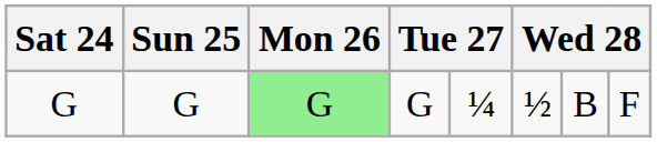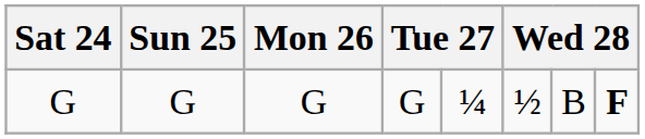 <table class="wikitable" style="margin:0.5em auto; font-size:90%; line-height:1.25em;">
 <tr align="center">
 <th>Sat 24</th>
 <th>Sun 25</th>
 <th>Mon 26</th>
 <th colspan="2">Tue 27</th>
 <th colspan="3">Wed 28</th>
 </tr>
 <tr align="center">
 <td class="team-group">G</td>
 <td class="team-group">G</td>
-<td class="team-group" style="background: lightgreen;">G</td>
+<td class="team-group">G</td>
 <td class="team-group">G</td>
 <td class="team-qf">¼</td>
 <td class="team-sf">½</td>
 <td class="team-bronze">B</td>
-<td class="team-final">F</td>
+<td class="team-final"><strong>F</strong></td>
 </tr>
 </table>
